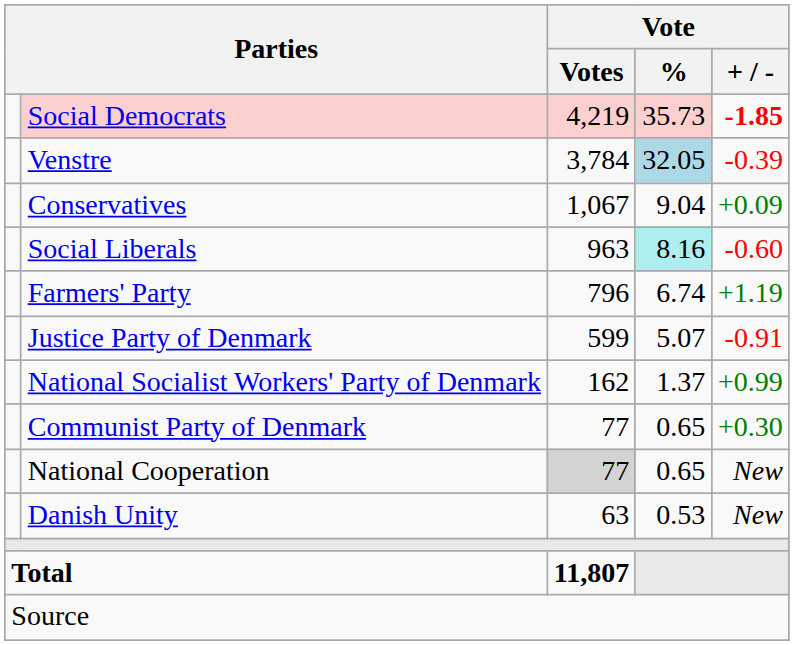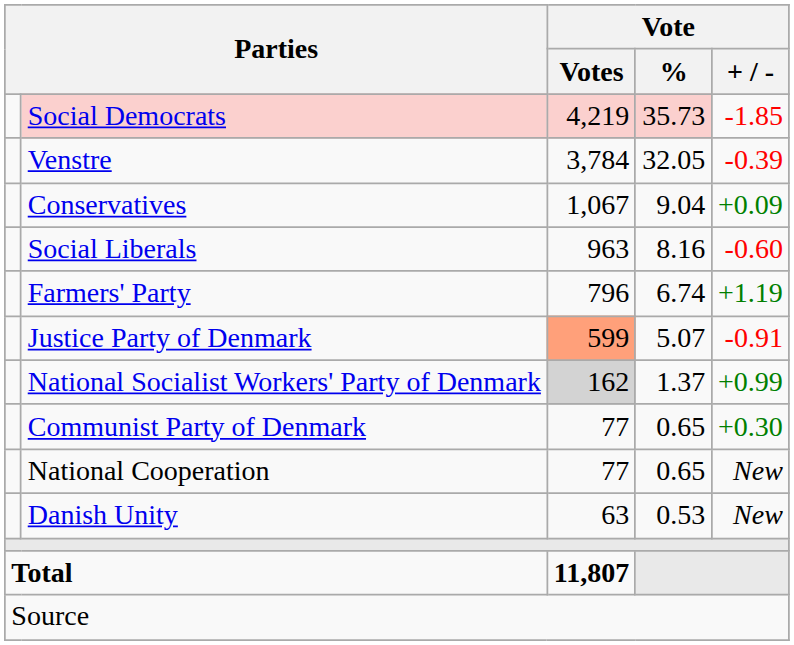 <table class="wikitable" style="text-align:right;">
 <tr>
 <th style="text-align:centre;" rowspan="2" colspan="2" width="225">Parties</th>
 <th colspan="3">Vote</th>
 </tr>
 <tr>
 <th width="15">Votes</th>
 <th width="15">%</th>
 <th width="15">+ / -</th>
 </tr>
 <tr>
 <td width="2" style="color:inherit;background:"></td>
 <td bgcolor=#fbd0ce  align="left"><a href='#'>Social Democrats</a></td>
 <td bgcolor=#fbd0ce>4,219</td>
 <td bgcolor=#fbd0ce>35.73</td>
-<td style=color:red;><strong>-1.85</strong></td>
+<td style=color:red;>-1.85</td>
 </tr>
 <tr>
 <td width="2" style="color:inherit;background:"></td>
 <td align="left"><a href='#'>Venstre</a></td>
 <td>3,784</td>
-<td style="background: lightblue;">32.05</td>
+<td>32.05</td>
 <td style=color:red;>-0.39</td>
 </tr>
 <tr>
 <td width="2" style="color:inherit;background:"></td>
 <td align="left"><a href='#'>Conservatives</a></td>
 <td>1,067</td>
 <td>9.04</td>
 <td style=color:green;>+0.09</td>
 </tr>
 <tr>
 <td width="2" style="color:inherit;background:"></td>
 <td align="left"><a href='#'>Social Liberals</a></td>
 <td>963</td>
-<td style="background: paleturquoise;">8.16</td>
+<td>8.16</td>
 <td style=color:red;>-0.60</td>
 </tr>
 <tr>
 <td width="2" style="color:inherit;background:"></td>
 <td align="left"><a href='#'>Farmers' Party</a></td>
 <td>796</td>
 <td>6.74</td>
 <td style=color:green;>+1.19</td>
 </tr>
 <tr>
 <td width="2" style="color:inherit;background:"></td>
 <td align="left"><a href='#'>Justice Party of Denmark</a></td>
-<td>599</td>
+<td style="background: lightsalmon;">599</td>
 <td>5.07</td>
 <td style=color:red;>-0.91</td>
 </tr>
 <tr>
 <td width="2" style="color:inherit;background:"></td>
 <td align="left"><a href='#'>National Socialist Workers' Party of Denmark</a></td>
-<td>162</td>
+<td style="background: lightgrey;">162</td>
 <td>1.37</td>
 <td style=color:green;>+0.99</td>
 </tr>
 <tr>
 <td width="2" style="color:inherit;background:"></td>
 <td align="left"><a href='#'>Communist Party of Denmark</a></td>
 <td>77</td>
 <td>0.65</td>
 <td style=color:green;>+0.30</td>
 </tr>
 <tr>
 <td width="2" style="color:inherit;background:"></td>
 <td align="left">National Cooperation</td>
-<td style="background: lightgrey;">77</td>
+<td>77</td>
 <td>0.65</td>
 <td><em>New</em></td>
 </tr>
 <tr>
 <td width="2" style="color:inherit;background:"></td>
 <td align="left"><a href='#'>Danish Unity</a></td>
 <td>63</td>
 <td>0.53</td>
 <td><em>New</em></td>
 </tr>
 <tr>
 <td colspan="7" bgcolor="#E9E9E9"></td>
 </tr>
 <tr>
 <td align="left" colspan="2"><strong>Total</strong></td>
 <td><strong>11,807</strong></td>
 <td bgcolor="#E9E9E9" colspan="2"></td>
 </tr>
 <tr>
 <td align="left" colspan="6">Source</td>
 </tr>
 </table>
